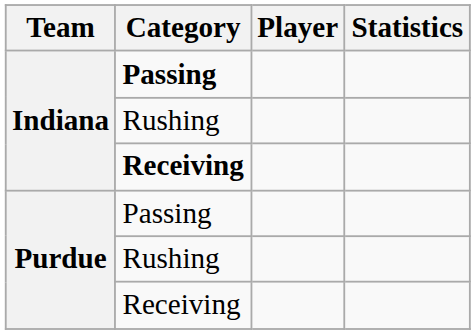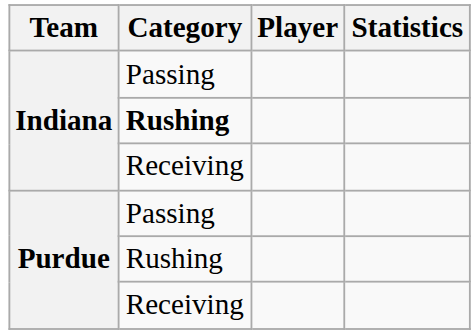 <table class="wikitable" style="float:right">
 <tr>
 <th>Team</th>
 <th>Category</th>
 <th>Player</th>
 <th>Statistics</th>
 </tr>
 <tr>
 <th rowspan=3>Indiana</th>
-<td><strong>Passing</strong></td>
+<td>Passing</td>
 <td></td>
 <td></td>
 </tr>
 <tr>
-<td>Rushing</td>
+<td><strong>Rushing</strong></td>
 <td></td>
 <td></td>
 </tr>
 <tr>
-<td><strong>Receiving</strong></td>
+<td>Receiving</td>
 <td></td>
 <td></td>
 </tr>
 <tr>
 <th rowspan=3>Purdue</th>
 <td>Passing</td>
 <td></td>
 <td></td>
 </tr>
 <tr>
 <td>Rushing</td>
 <td></td>
 <td></td>
 </tr>
 <tr>
 <td>Receiving</td>
 <td></td>
 <td></td>
 </tr>
 </table>
